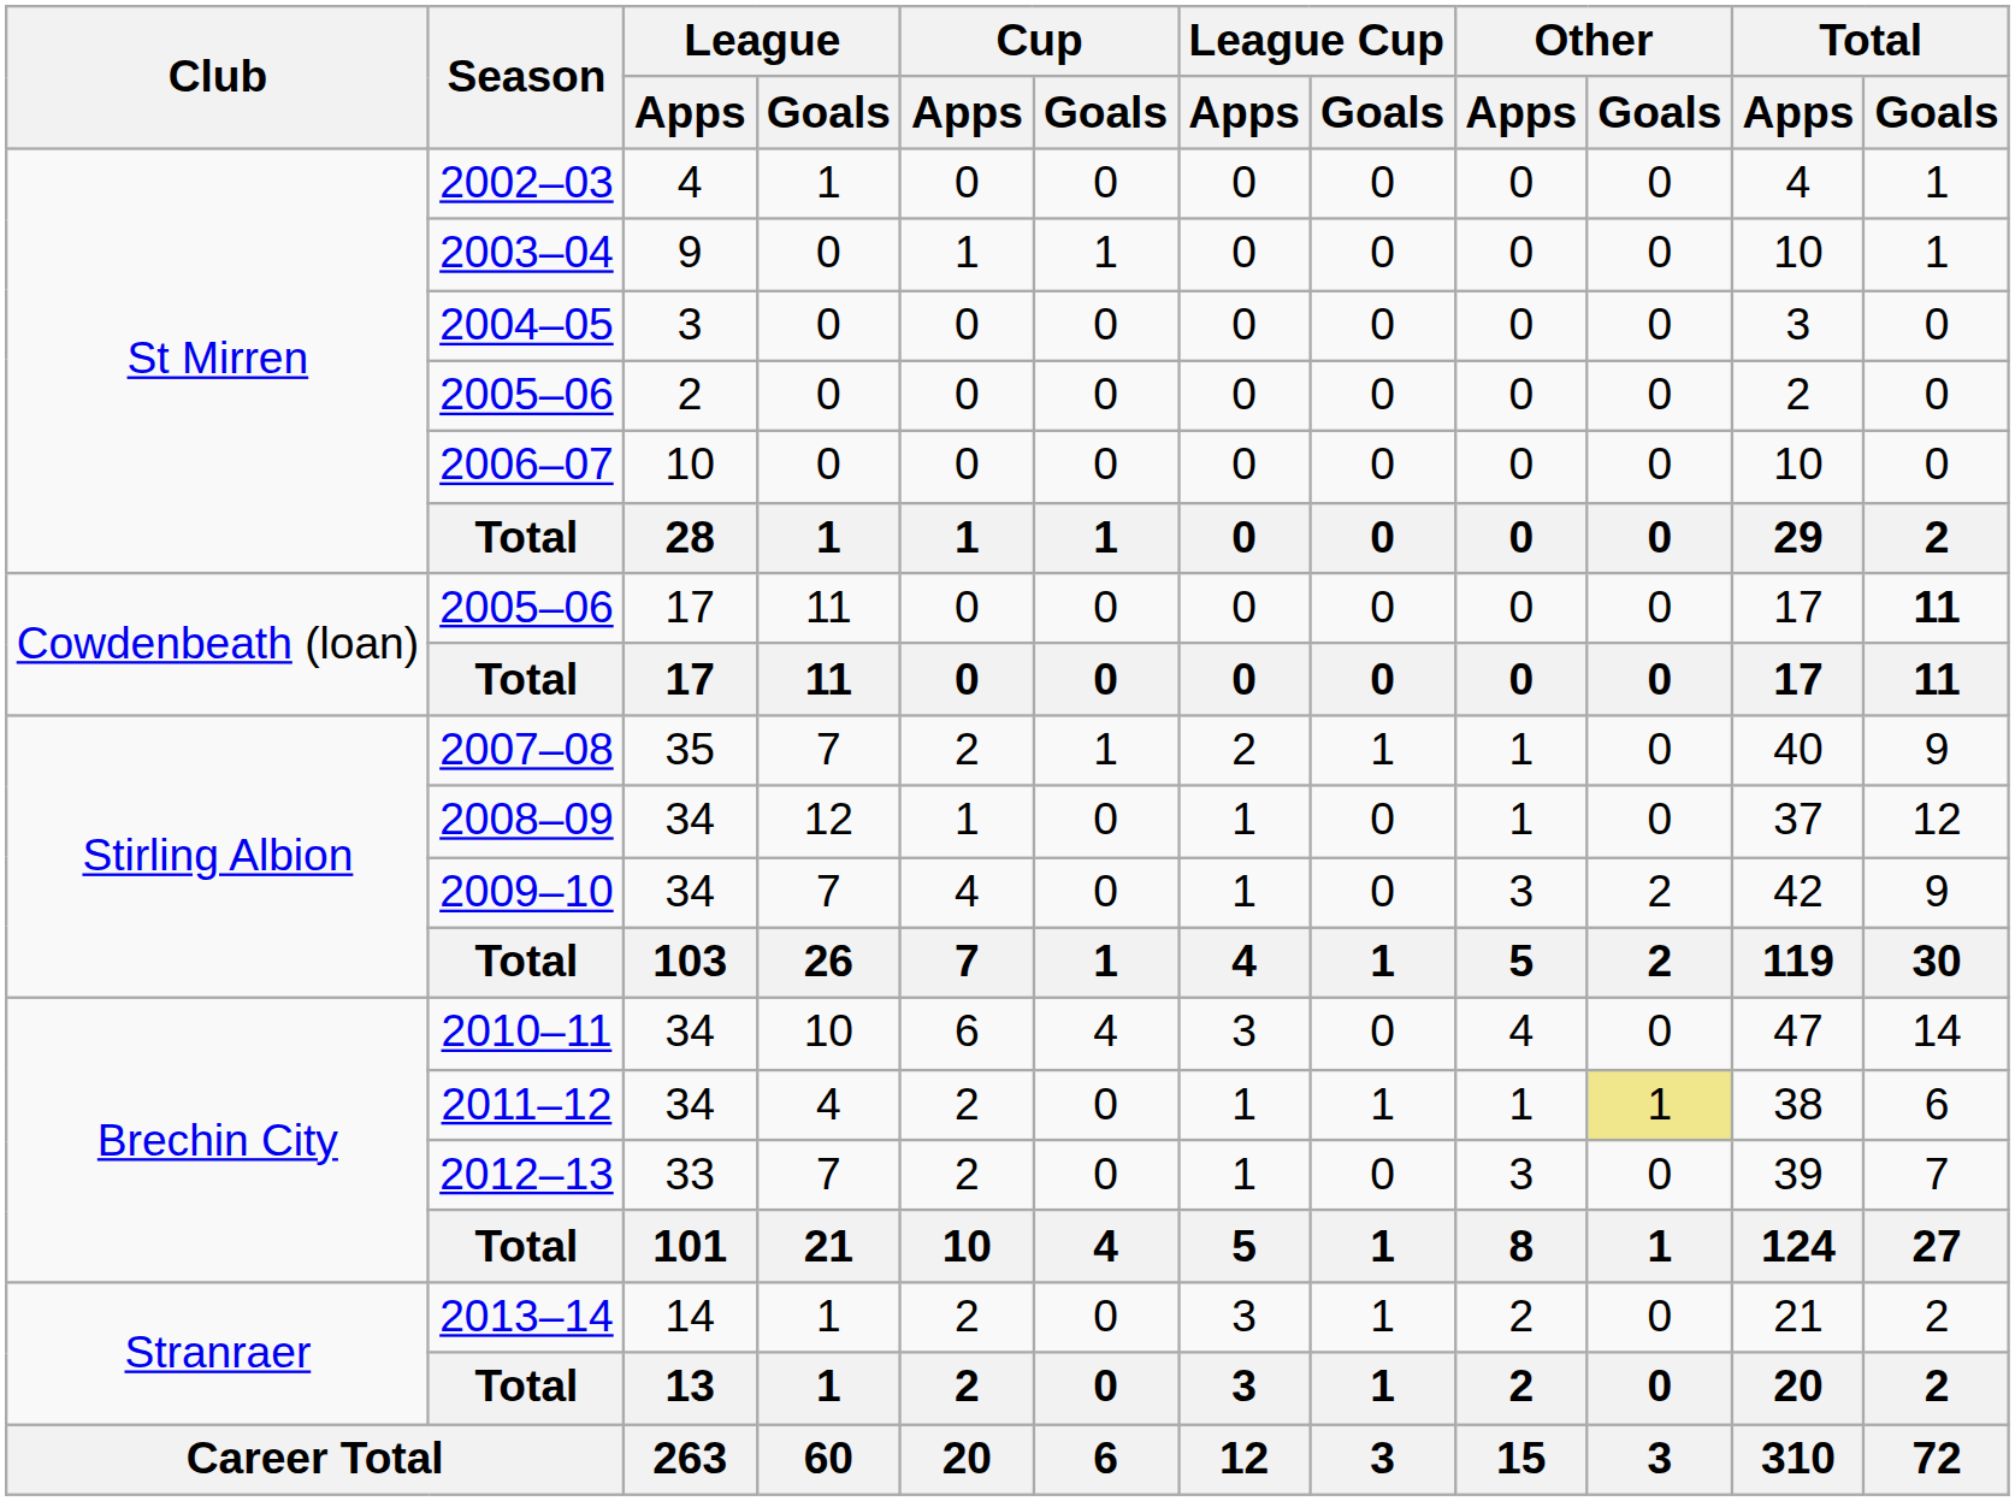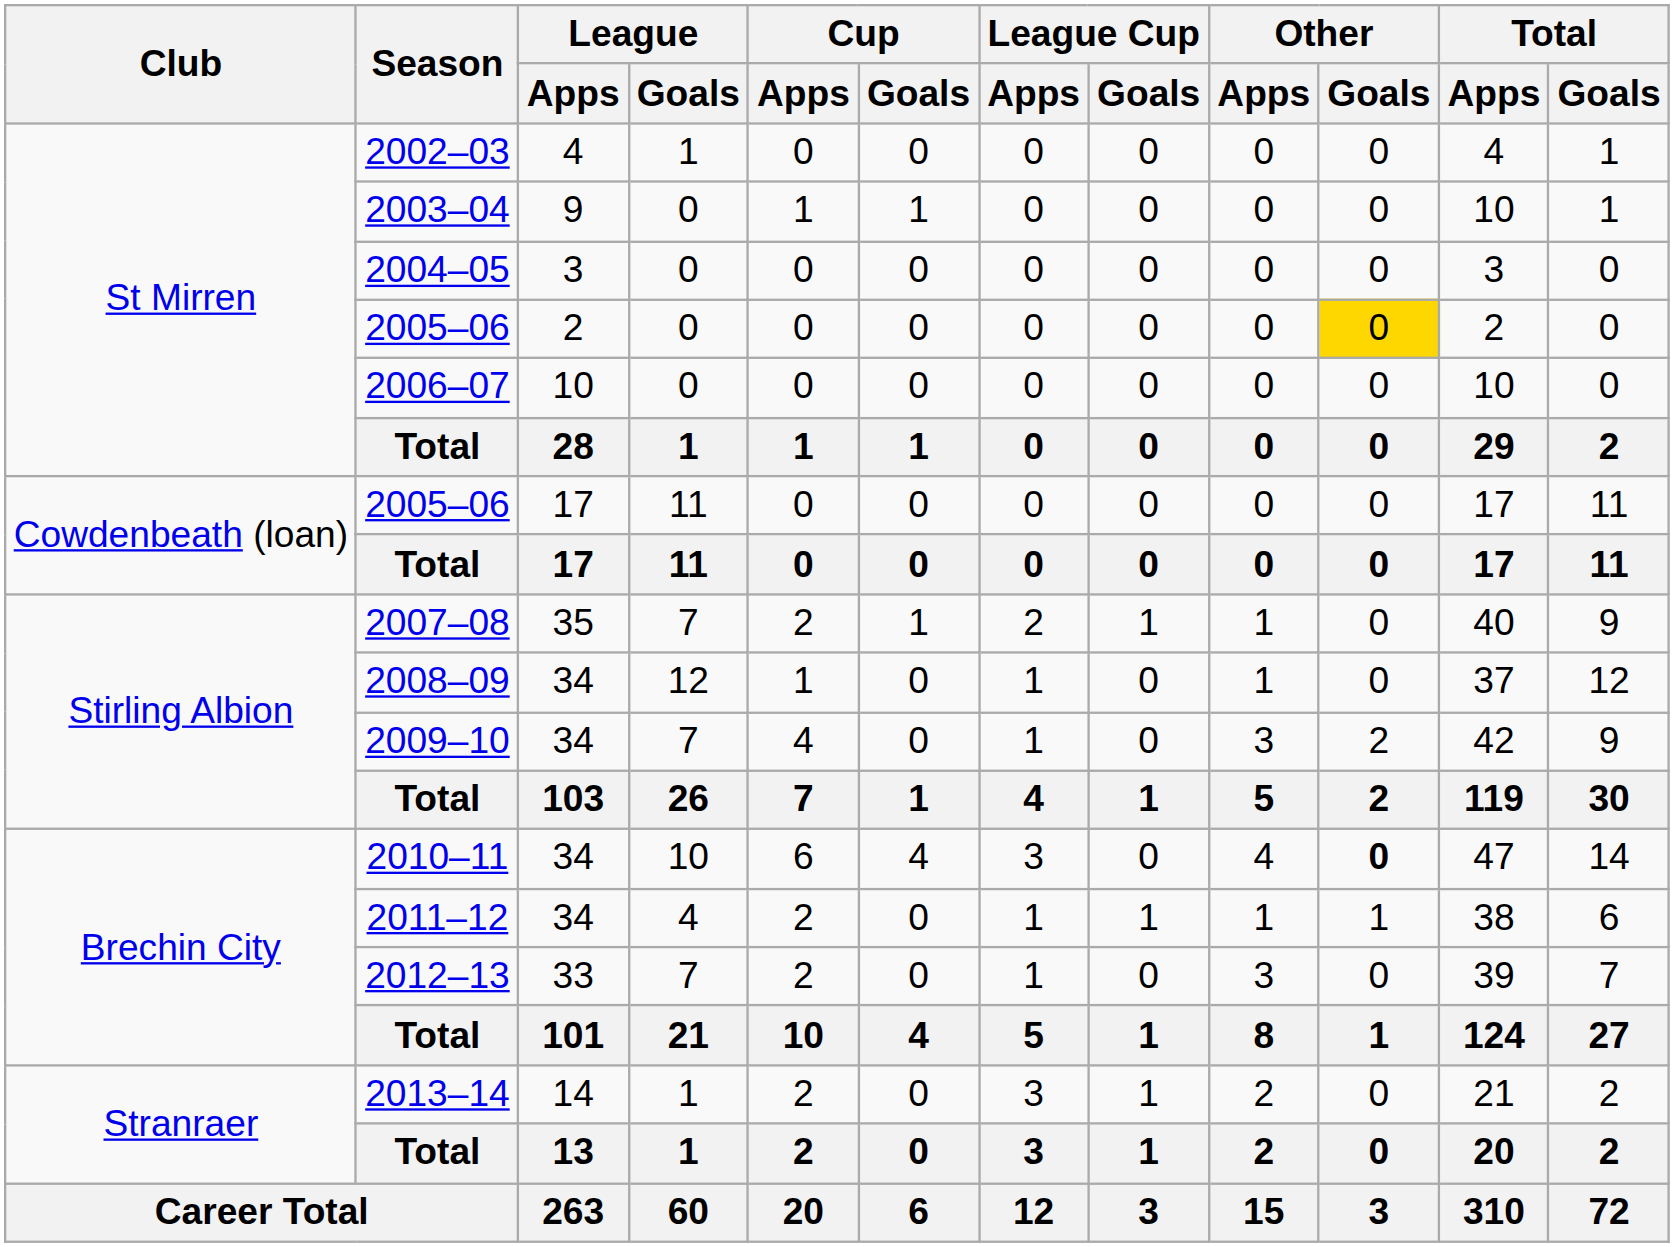 <table class="wikitable" style="text-align: center">
 <tr>
 <th rowspan="2">Club</th>
 <th rowspan="2">Season</th>
 <th colspan="2">League</th>
 <th colspan="2">Cup</th>
 <th colspan="2">League Cup</th>
 <th colspan="2">Other</th>
 <th colspan="2">Total</th>
 </tr>
 <tr>
 <th>Apps</th>
 <th>Goals</th>
 <th>Apps</th>
 <th>Goals</th>
 <th>Apps</th>
 <th>Goals</th>
 <th>Apps</th>
 <th>Goals</th>
 <th>Apps</th>
 <th>Goals</th>
 </tr>
 <tr>
 <td rowspan="6"><a href='#'>St Mirren</a></td>
 <td><a href='#'>2002–03</a></td>
 <td>4</td>
 <td>1</td>
 <td>0</td>
 <td>0</td>
 <td>0</td>
 <td>0</td>
 <td>0</td>
 <td>0</td>
 <td>4</td>
 <td>1</td>
 </tr>
 <tr>
 <td><a href='#'>2003–04</a></td>
 <td>9</td>
 <td>0</td>
 <td>1</td>
 <td>1</td>
 <td>0</td>
 <td>0</td>
 <td>0</td>
 <td>0</td>
 <td>10</td>
 <td>1</td>
 </tr>
 <tr>
 <td><a href='#'>2004–05</a></td>
 <td>3</td>
 <td>0</td>
 <td>0</td>
 <td>0</td>
 <td>0</td>
 <td>0</td>
 <td>0</td>
 <td>0</td>
 <td>3</td>
 <td>0</td>
 </tr>
 <tr>
 <td><a href='#'>2005–06</a></td>
 <td>2</td>
 <td>0</td>
 <td>0</td>
 <td>0</td>
 <td>0</td>
 <td>0</td>
 <td>0</td>
-<td>0</td>
+<td style="background: gold;">0</td>
 <td>2</td>
 <td>0</td>
 </tr>
 <tr>
 <td><a href='#'>2006–07</a></td>
 <td>10</td>
 <td>0</td>
 <td>0</td>
 <td>0</td>
 <td>0</td>
 <td>0</td>
 <td>0</td>
 <td>0</td>
 <td>10</td>
 <td>0</td>
 </tr>
 <tr>
 <th>Total</th>
 <th>28</th>
 <th>1</th>
 <th>1</th>
 <th>1</th>
 <th>0</th>
 <th>0</th>
 <th>0</th>
 <th>0</th>
 <th>29</th>
 <th>2</th>
 </tr>
 <tr>
 <td rowspan="2"><a href='#'>Cowdenbeath</a> (loan)</td>
 <td><a href='#'>2005–06</a></td>
 <td>17</td>
 <td>11</td>
 <td>0</td>
 <td>0</td>
 <td>0</td>
 <td>0</td>
 <td>0</td>
 <td>0</td>
 <td>17</td>
-<td><strong>11</strong></td>
+<td>11</td>
 </tr>
 <tr>
 <th>Total</th>
 <th>17</th>
 <th>11</th>
 <th>0</th>
 <th>0</th>
 <th>0</th>
 <th>0</th>
 <th>0</th>
 <th>0</th>
 <th>17</th>
 <th>11</th>
 </tr>
 <tr>
 <td rowspan="4"><a href='#'>Stirling Albion</a></td>
 <td><a href='#'>2007–08</a></td>
 <td>35</td>
 <td>7</td>
 <td>2</td>
 <td>1</td>
 <td>2</td>
 <td>1</td>
 <td>1</td>
 <td>0</td>
 <td>40</td>
 <td>9</td>
 </tr>
 <tr>
 <td><a href='#'>2008–09</a></td>
 <td>34</td>
 <td>12</td>
 <td>1</td>
 <td>0</td>
 <td>1</td>
 <td>0</td>
 <td>1</td>
 <td>0</td>
 <td>37</td>
 <td>12</td>
 </tr>
 <tr>
 <td><a href='#'>2009–10</a></td>
 <td>34</td>
 <td>7</td>
 <td>4</td>
 <td>0</td>
 <td>1</td>
 <td>0</td>
 <td>3</td>
 <td>2</td>
 <td>42</td>
 <td>9</td>
 </tr>
 <tr>
 <th>Total</th>
 <th>103</th>
 <th>26</th>
 <th>7</th>
 <th>1</th>
 <th>4</th>
 <th>1</th>
 <th>5</th>
 <th>2</th>
 <th>119</th>
 <th>30</th>
 </tr>
 <tr>
 <td rowspan="4"><a href='#'>Brechin City</a></td>
 <td><a href='#'>2010–11</a></td>
 <td>34</td>
 <td>10</td>
 <td>6</td>
 <td>4</td>
 <td>3</td>
 <td>0</td>
 <td>4</td>
-<td>0</td>
+<td><strong>0</strong></td>
 <td>47</td>
 <td>14</td>
 </tr>
 <tr>
 <td><a href='#'>2011–12</a></td>
 <td>34</td>
 <td>4</td>
 <td>2</td>
 <td>0</td>
 <td>1</td>
 <td>1</td>
 <td>1</td>
-<td style="background: khaki;">1</td>
+<td>1</td>
 <td>38</td>
 <td>6</td>
 </tr>
 <tr>
 <td><a href='#'>2012–13</a></td>
 <td>33</td>
 <td>7</td>
 <td>2</td>
 <td>0</td>
 <td>1</td>
 <td>0</td>
 <td>3</td>
 <td>0</td>
 <td>39</td>
 <td>7</td>
 </tr>
 <tr>
 <th>Total</th>
 <th>101</th>
 <th>21</th>
 <th>10</th>
 <th>4</th>
 <th>5</th>
 <th>1</th>
 <th>8</th>
 <th>1</th>
 <th>124</th>
 <th>27</th>
 </tr>
 <tr>
 <td rowspan="2"><a href='#'>Stranraer</a></td>
 <td><a href='#'>2013–14</a></td>
 <td>14</td>
 <td>1</td>
 <td>2</td>
 <td>0</td>
 <td>3</td>
 <td>1</td>
 <td>2</td>
 <td>0</td>
 <td>21</td>
 <td>2</td>
 </tr>
 <tr>
 <th>Total</th>
 <th>13</th>
 <th>1</th>
 <th>2</th>
 <th>0</th>
 <th>3</th>
 <th>1</th>
 <th>2</th>
 <th>0</th>
 <th>20</th>
 <th>2</th>
 </tr>
 <tr>
 <th colspan="2">Career Total</th>
 <th>263</th>
 <th>60</th>
 <th>20</th>
 <th>6</th>
 <th>12</th>
 <th>3</th>
 <th>15</th>
 <th>3</th>
 <th>310</th>
 <th>72</th>
 </tr>
 </table>
